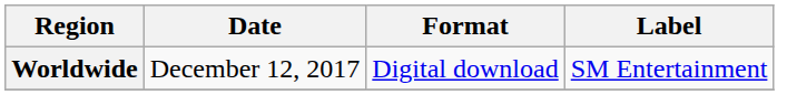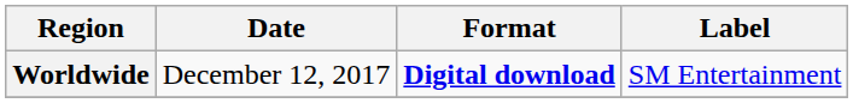 <table class="wikitable plainrowheaders">
 <tr>
 <th>Region</th>
 <th>Date</th>
 <th>Format</th>
 <th>Label</th>
 </tr>
 <tr>
 <th scope=row>Worldwide</th>
 <td>December 12, 2017</td>
-<td><a href='#'>Digital download</a></td>
+<td><strong><a href='#'>Digital download</a></strong></td>
 <td><a href='#'>SM Entertainment</a></td>
 </tr>
 <tr>
 </tr>
 </table>
